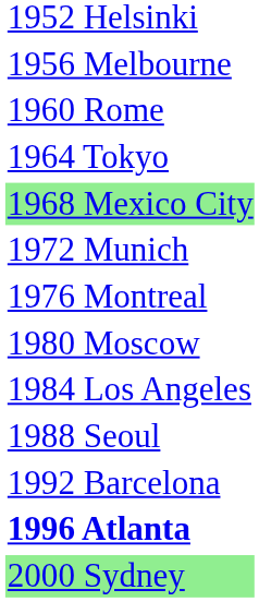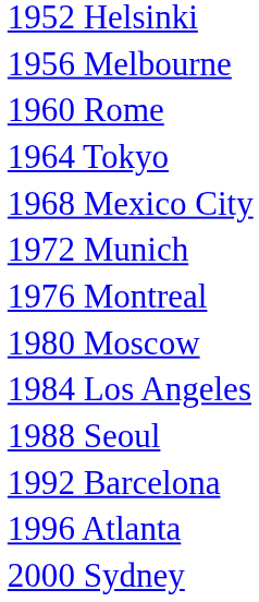 <table>
 <tr valign="top">
 <td><a href='#'>1952 Helsinki</a><br></td>
 <td></td>
 <td></td>
 <td><br></td>
 </tr>
 <tr valign="top">
 <td><a href='#'>1956 Melbourne</a><br></td>
 <td></td>
 <td></td>
 <td><br></td>
 </tr>
 <tr valign="top">
 <td><a href='#'>1960 Rome</a><br></td>
 <td></td>
 <td></td>
 <td><br> </td>
 </tr>
 <tr valign="top">
 <td><a href='#'>1964 Tokyo</a><br></td>
 <td></td>
 <td></td>
 <td><br> </td>
 </tr>
 <tr valign="top">
-<td style="background: lightgreen;"><a href='#'>1968 Mexico City</a><br></td>
+<td><a href='#'>1968 Mexico City</a><br></td>
 <td></td>
 <td></td>
 <td><br></td>
 </tr>
 <tr valign="top">
 <td><a href='#'>1972 Munich</a><br></td>
 <td></td>
 <td></td>
 <td><br></td>
 </tr>
 <tr valign="top">
 <td><a href='#'>1976 Montreal</a><br></td>
 <td></td>
 <td></td>
 <td><br></td>
 </tr>
 <tr valign="top">
 <td><a href='#'>1980 Moscow</a><br></td>
 <td></td>
 <td></td>
 <td><br> </td>
 </tr>
 <tr valign="top">
 <td><a href='#'>1984 Los Angeles</a><br></td>
 <td></td>
 <td></td>
 <td><br></td>
 </tr>
 <tr valign="top">
 <td><a href='#'>1988 Seoul</a><br></td>
 <td></td>
 <td></td>
 <td><br> </td>
 </tr>
 <tr valign="top">
 <td><a href='#'>1992 Barcelona</a><br></td>
 <td></td>
 <td></td>
 <td><br></td>
 </tr>
 <tr valign="top">
-<td><strong><a href='#'>1996 Atlanta</a><br></strong></td>
+<td><a href='#'>1996 Atlanta</a><br></td>
 <td></td>
 <td></td>
 <td><br></td>
 </tr>
 <tr valign="top">
-<td style="background: lightgreen;"><a href='#'>2000 Sydney</a><br></td>
+<td><a href='#'>2000 Sydney</a><br></td>
 <td></td>
 <td></td>
 <td><br> </td>
 </tr>
 </table>
